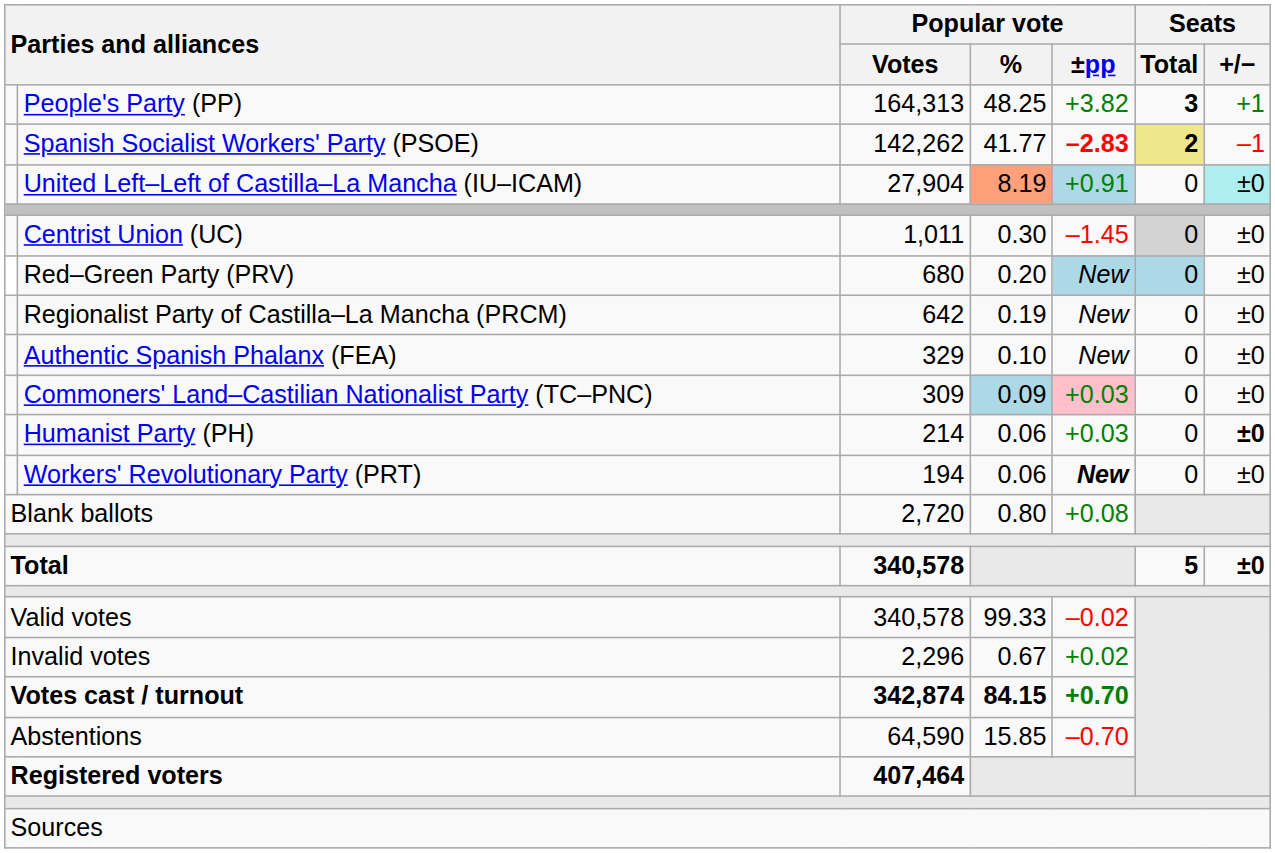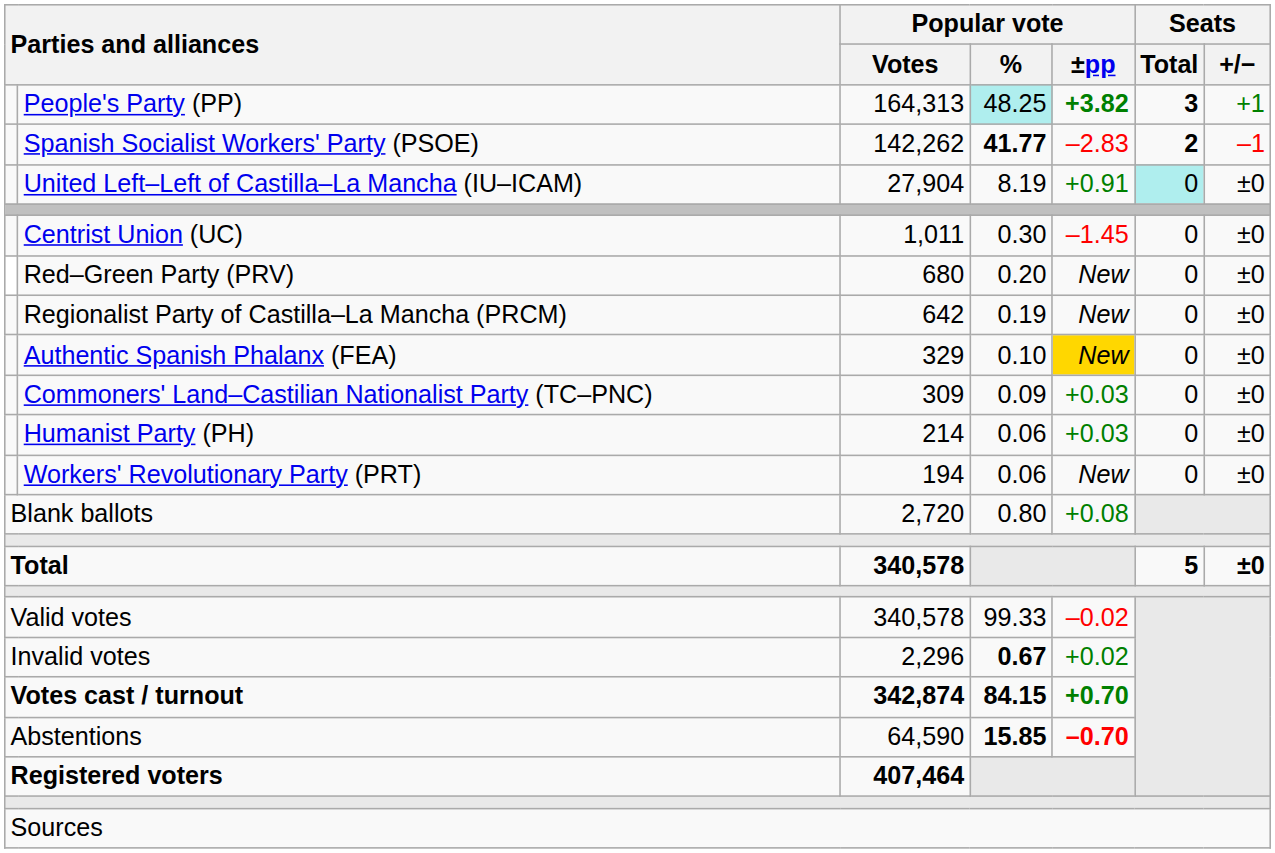 <table class="wikitable" style="text-align:right;">
 <tr>
 <th style="text-align:left;" rowspan="2" colspan="2" width="525">Parties and alliances</th>
 <th colspan="3">Popular vote</th>
 <th colspan="2">Seats</th>
 </tr>
 <tr>
 <th width="75">Votes</th>
 <th width="45">%</th>
 <th width="45">±<a href='#'>pp</a></th>
 <th width="35">Total</th>
 <th width="35">+/−</th>
 </tr>
 <tr>
 <td width="1" style="color:inherit;background:"></td>
 <td align="left"><a href='#'>People's Party</a> (PP)</td>
 <td>164,313</td>
-<td>48.25</td>
-<td style="color:green;">+3.82</td>
+<td style="background: paleturquoise;">48.25</td>
+<td style="color:green;"><strong>+3.82</strong></td>
 <td><strong>3</strong></td>
 <td style="color:green;">+1</td>
 </tr>
 <tr>
 <td style="color:inherit;background:"></td>
 <td align="left"><a href='#'>Spanish Socialist Workers' Party</a> (PSOE)</td>
 <td>142,262</td>
-<td>41.77</td>
-<td style="color:red;"><strong>–2.83</strong></td>
-<td style="background: khaki;"><strong>2</strong></td>
+<td><strong>41.77</strong></td>
+<td style="color:red;">–2.83</td>
+<td><strong>2</strong></td>
 <td style="color:red;">–1</td>
 </tr>
 <tr>
 <td style="color:inherit;background:"></td>
 <td align="left"><a href='#'>United Left–Left of Castilla–La Mancha</a> (IU–ICAM)</td>
 <td>27,904</td>
-<td style="background: lightsalmon;">8.19</td>
-<td style="background: lightblue; color:green;">+0.91</td>
-<td>0</td>
-<td style="background: paleturquoise;">±0</td>
+<td>8.19</td>
+<td style="color:green;">+0.91</td>
+<td style="background: paleturquoise;">0</td>
+<td>±0</td>
 </tr>
 <tr>
 <td colspan="7" bgcolor="#C0C0C0"></td>
 </tr>
 <tr>
 <td style="color:inherit;background:"></td>
 <td align="left"><a href='#'>Centrist Union</a> (UC)</td>
 <td>1,011</td>
 <td>0.30</td>
 <td style="color:red;">–1.45</td>
-<td style="background: lightgrey;">0</td>
+<td>0</td>
 <td>±0</td>
 </tr>
 <tr>
 <td bgcolor="white"></td>
 <td align="left">Red–Green Party (PRV)</td>
 <td>680</td>
 <td>0.20</td>
-<td style="background: lightblue;"><em>New</em></td>
-<td style="background: lightblue;">0</td>
+<td><em>New</em></td>
+<td>0</td>
 <td>±0</td>
 </tr>
 <tr>
 <td style="color:inherit;background:"></td>
 <td align="left">Regionalist Party of Castilla–La Mancha (PRCM)</td>
 <td>642</td>
 <td>0.19</td>
 <td><em>New</em></td>
 <td>0</td>
 <td>±0</td>
 </tr>
 <tr>
 <td style="color:inherit;background:"></td>
 <td align="left"><a href='#'>Authentic Spanish Phalanx</a> (FEA)</td>
 <td>329</td>
 <td>0.10</td>
-<td><em>New</em></td>
+<td style="background: gold;"><em>New</em></td>
 <td>0</td>
 <td>±0</td>
 </tr>
 <tr>
 <td style="color:inherit;background:"></td>
 <td align="left"><a href='#'>Commoners' Land–Castilian Nationalist Party</a> (TC–PNC)</td>
 <td>309</td>
-<td style="background: lightblue;">0.09</td>
-<td style="background: pink; color:green;">+0.03</td>
+<td>0.09</td>
+<td style="color:green;">+0.03</td>
 <td>0</td>
 <td>±0</td>
 </tr>
 <tr>
 <td style="color:inherit;background:"></td>
 <td align="left"><a href='#'>Humanist Party</a> (PH)</td>
 <td>214</td>
 <td>0.06</td>
 <td style="color:green;">+0.03</td>
 <td>0</td>
-<td><strong>±0</strong></td>
+<td>±0</td>
 </tr>
 <tr>
 <td style="color:inherit;background:"></td>
 <td align="left"><a href='#'>Workers' Revolutionary Party</a> (PRT)</td>
 <td>194</td>
 <td>0.06</td>
-<td><strong><em>New</em></strong></td>
+<td><em>New</em></td>
 <td>0</td>
 <td>±0</td>
 </tr>
 <tr>
 <td align="left" colspan="2">Blank ballots</td>
 <td>2,720</td>
 <td>0.80</td>
 <td style="color:green;">+0.08</td>
 <td bgcolor="#E9E9E9" colspan="2"></td>
 </tr>
 <tr>
 <td colspan="7" bgcolor="#E9E9E9"></td>
 </tr>
 <tr style="font-weight:bold;">
 <td align="left" colspan="2">Total</td>
 <td>340,578</td>
 <td bgcolor="#E9E9E9" colspan="2"></td>
 <td>5</td>
 <td>±0</td>
 </tr>
 <tr>
 <td colspan="7" bgcolor="#E9E9E9"></td>
 </tr>
 <tr>
 <td align="left" colspan="2">Valid votes</td>
 <td>340,578</td>
 <td>99.33</td>
 <td style="color:red;">–0.02</td>
 <td bgcolor="#E9E9E9" colspan="2" rowspan="5"></td>
 </tr>
 <tr>
 <td align="left" colspan="2">Invalid votes</td>
 <td>2,296</td>
-<td>0.67</td>
+<td><strong>0.67</strong></td>
 <td style="color:green;">+0.02</td>
 </tr>
 <tr style="font-weight:bold;">
 <td align="left" colspan="2">Votes cast / turnout</td>
 <td>342,874</td>
 <td>84.15</td>
 <td style="color:green;">+0.70</td>
 </tr>
 <tr>
 <td align="left" colspan="2">Abstentions</td>
 <td>64,590</td>
-<td>15.85</td>
-<td style="color:red;">–0.70</td>
+<td><strong>15.85</strong></td>
+<td style="color:red;"><strong>–0.70</strong></td>
 </tr>
 <tr style="font-weight:bold;">
 <td align="left" colspan="2">Registered voters</td>
 <td>407,464</td>
 <td bgcolor="#E9E9E9" colspan="2"></td>
 </tr>
 <tr>
 <td colspan="7" bgcolor="#E9E9E9"></td>
 </tr>
 <tr>
 <td align="left" colspan="7">Sources</td>
 </tr>
 </table>
